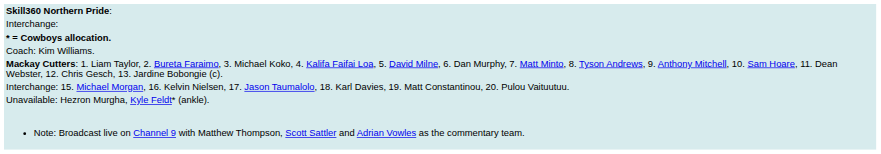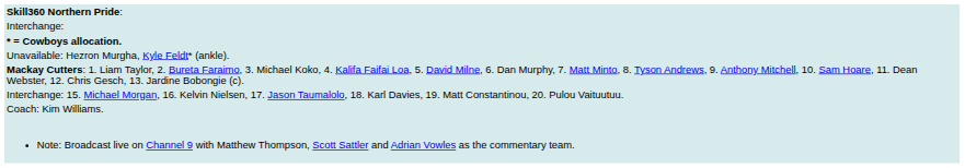 <table style="background:#d7ebed; font-size:85%; width:100%;">
 <tr>
 <td><strong>Skill360  Northern Pride</strong>:             </td>
 </tr>
 <tr>
 <td>Interchange:    </td>
 </tr>
 <tr>
 <td><strong>* = Cowboys allocation.</strong></td>
 </tr>
 <tr>
-<td>Coach: Kim Williams.</td>
+<td>Unavailable: Hezron Murgha, <a href='#'>Kyle Feldt</a>* (ankle).</td>
 </tr>
 <tr>
 <td><strong>Mackay Cutters</strong>: 1. Liam Taylor, 2. <a href='#'>Bureta Faraimo</a>, 3. Michael Koko, 4. <a href='#'>Kalifa Faifai Loa</a>, 5. <a href='#'>David Milne</a>, 6. Dan Murphy, 7. <a href='#'>Matt Minto</a>, 8. <a href='#'>Tyson Andrews</a>, 9. <a href='#'>Anthony Mitchell</a>, 10. <a href='#'>Sam Hoare</a>, 11. Dean Webster, 12. Chris Gesch, 13. Jardine Bobongie (c).</td>
 </tr>
 <tr>
 <td>Interchange: 15. <a href='#'>Michael Morgan</a>, 16. Kelvin Nielsen, 17. <a href='#'>Jason Taumalolo</a>, 18. Karl Davies, 19. Matt Constantinou, 20. Pulou Vaituutuu.</td>
 </tr>
 <tr>
-<td>Unavailable: Hezron Murgha, <a href='#'>Kyle Feldt</a>* (ankle).</td>
+<td>Coach: Kim Williams.</td>
 </tr>
 <tr>
 <td><br><ul><li>Note: Broadcast live on <a href='#'>Channel 9</a> with Matthew Thompson, <a href='#'>Scott Sattler</a> and <a href='#'>Adrian Vowles</a> as the commentary team.</li></ul></td>
 </tr>
 </table>
